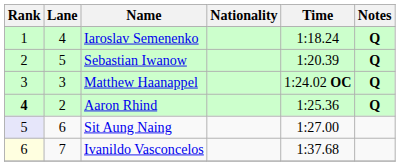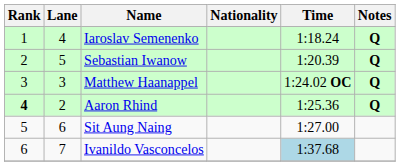 <table class="wikitable">
 <tr>
 <th>Rank</th>
 <th>Lane</th>
 <th>Name</th>
 <th>Nationality</th>
 <th>Time</th>
 <th>Notes</th>
 </tr>
 <tr bgcolor=ccffcc>
 <td align=center>1</td>
 <td align=center>4</td>
 <td><a href='#'>Iaroslav Semenenko</a></td>
 <td></td>
 <td align=center>1:18.24</td>
 <td align=center><strong>Q</strong></td>
 </tr>
 <tr bgcolor=ccffcc>
 <td align=center>2</td>
 <td align=center>5</td>
 <td><a href='#'>Sebastian Iwanow</a></td>
 <td></td>
 <td align=center>1:20.39</td>
 <td align=center><strong>Q</strong></td>
 </tr>
 <tr bgcolor=ccffcc>
 <td align=center>3</td>
 <td align=center>3</td>
 <td><a href='#'>Matthew Haanappel</a></td>
 <td></td>
 <td align=center>1:24.02 <strong>OC</strong></td>
 <td align=center><strong>Q</strong></td>
 </tr>
 <tr bgcolor=ccffcc>
 <td align=center><strong>4</strong></td>
 <td align=center>2</td>
 <td><a href='#'>Aaron Rhind</a></td>
 <td></td>
 <td align=center>1:25.36</td>
 <td align=center><strong>Q</strong></td>
 </tr>
 <tr>
-<td align=center style="background: lavender;">5</td>
+<td align=center>5</td>
 <td align=center>6</td>
 <td><a href='#'>Sit Aung Naing</a></td>
 <td></td>
 <td align=center>1:27.00</td>
 <td align=center></td>
 </tr>
 <tr>
-<td align=center style="background: lightyellow;">6</td>
+<td align=center>6</td>
 <td align=center>7</td>
 <td><a href='#'>Ivanildo Vasconcelos</a></td>
 <td></td>
-<td align=center>1:37.68</td>
+<td align=center style="background: lightblue;">1:37.68</td>
 <td align=center></td>
 </tr>
 <tr>
 </tr>
 </table>
